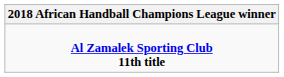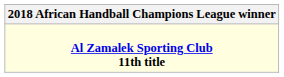 <table class=wikitable style="text-align:center; margin:auto">
 <tr>
 <th>2018 African Handball Champions League winner</th>
 </tr>
 <tr>
-<td><br><strong><a href='#'>Al Zamalek Sporting Club</a></strong><br><strong>11th title</strong></td>
+<td style="background: lightyellow;"><br><strong><a href='#'>Al Zamalek Sporting Club</a></strong><br><strong>11th title</strong></td>
 </tr>
 </table>
